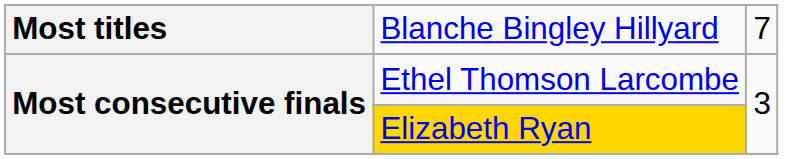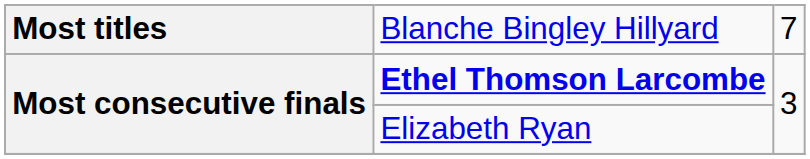 <table class=wikitable>
 <tr>
 <th style="text-align:left;">Most titles</th>
 <td> <a href='#'>Blanche Bingley Hillyard</a></td>
 <td style="text-align:center;">7</td>
 </tr>
 <tr>
 <th rowspan = 2 style="text-align:left;">Most consecutive finals<br> </th>
-<td> <a href='#'>Ethel Thomson Larcombe</a><br></td>
+<td><strong> <a href='#'>Ethel Thomson Larcombe</a><br></strong></td>
 <td rowspan = 2 style="text-align:center;">3</td>
 </tr>
 <tr>
-<td style="background: gold;"> <a href='#'>Elizabeth Ryan</a><br></td>
+<td> <a href='#'>Elizabeth Ryan</a><br></td>
 </tr>
 <tr>
 </tr>
 </table>
